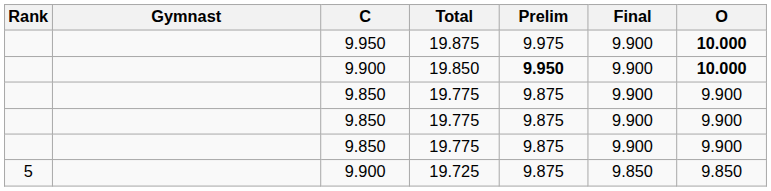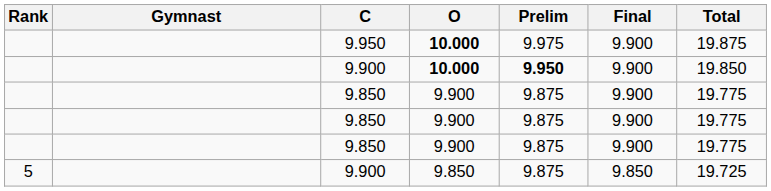 <table class="wikitable" style="text-align:center">
 <tr>
 <th>Rank</th>
 <th style="width:16em">Gymnast</th>
 <th style="width:5em">C</th>
-<th style="width:5em">Total</th>
+<th style="width:5em">O</th>
 <th style="width:5em">Prelim</th>
 <th style="width:5em">Final</th>
-<th style="width:5em">O</th>
+<th style="width:5em">Total</th>
 </tr>
 <tr>
 <td></td>
 <td align=left></td>
 <td>9.950</td>
-<td>19.875</td>
+<td><strong>10.000</strong></td>
 <td>9.975</td>
 <td>9.900</td>
-<td><strong>10.000</strong></td>
+<td>19.875</td>
 </tr>
 <tr>
 <td></td>
 <td align=left></td>
 <td>9.900</td>
-<td>19.850</td>
+<td><strong>10.000</strong></td>
 <td><strong>9.950</strong></td>
 <td>9.900</td>
-<td><strong>10.000</strong></td>
+<td>19.850</td>
 </tr>
 <tr>
 <td></td>
 <td align=left></td>
 <td>9.850</td>
-<td>19.775</td>
+<td>9.900</td>
 <td>9.875</td>
 <td>9.900</td>
-<td>9.900</td>
+<td>19.775</td>
 </tr>
 <tr>
 <td></td>
 <td align=left></td>
 <td>9.850</td>
-<td>19.775</td>
+<td>9.900</td>
 <td>9.875</td>
 <td>9.900</td>
-<td>9.900</td>
+<td>19.775</td>
 </tr>
 <tr>
 <td></td>
 <td align=left></td>
 <td>9.850</td>
-<td>19.775</td>
+<td>9.900</td>
 <td>9.875</td>
 <td>9.900</td>
-<td>9.900</td>
+<td>19.775</td>
 </tr>
 <tr>
 <td>5</td>
 <td align=left></td>
 <td>9.900</td>
-<td>19.725</td>
+<td>9.850</td>
 <td>9.875</td>
 <td>9.850</td>
-<td>9.850</td>
+<td>19.725</td>
 </tr>
 </table>
